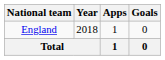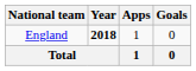 <table class=wikitable style=text-align:center>
 <tr>
 <th>National team</th>
 <th>Year</th>
 <th>Apps</th>
 <th>Goals</th>
 </tr>
 <tr>
 <td><a href='#'>England</a></td>
-<td>2018</td>
+<td><strong>2018</strong></td>
 <td>1</td>
 <td>0</td>
 </tr>
 <tr>
 <th colspan=2>Total</th>
 <th>1</th>
 <th>0</th>
 </tr>
 </table>
